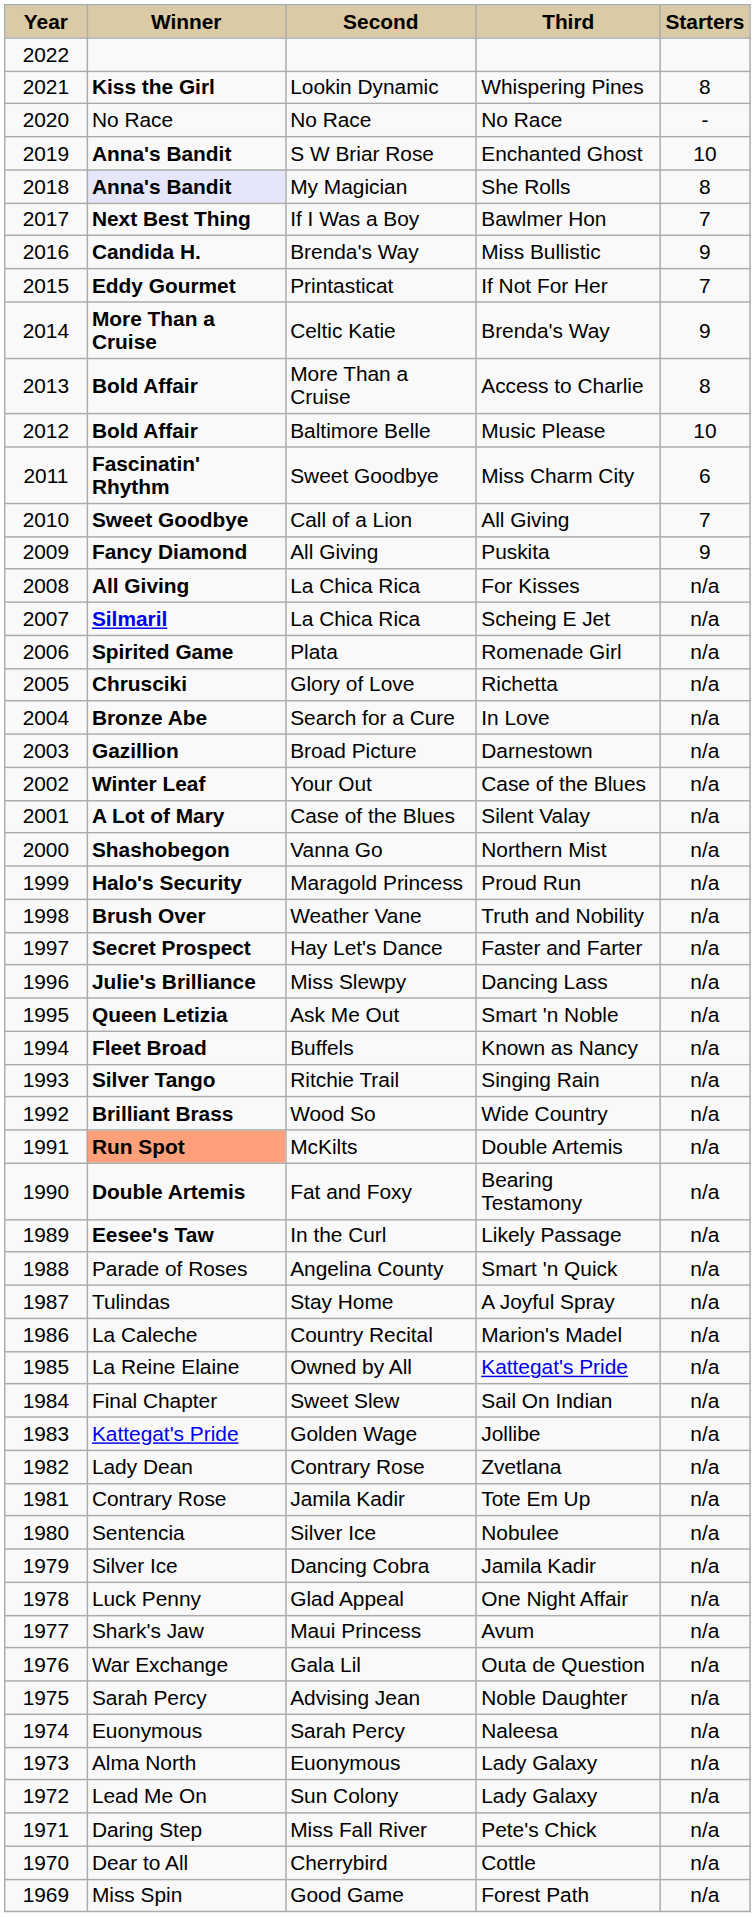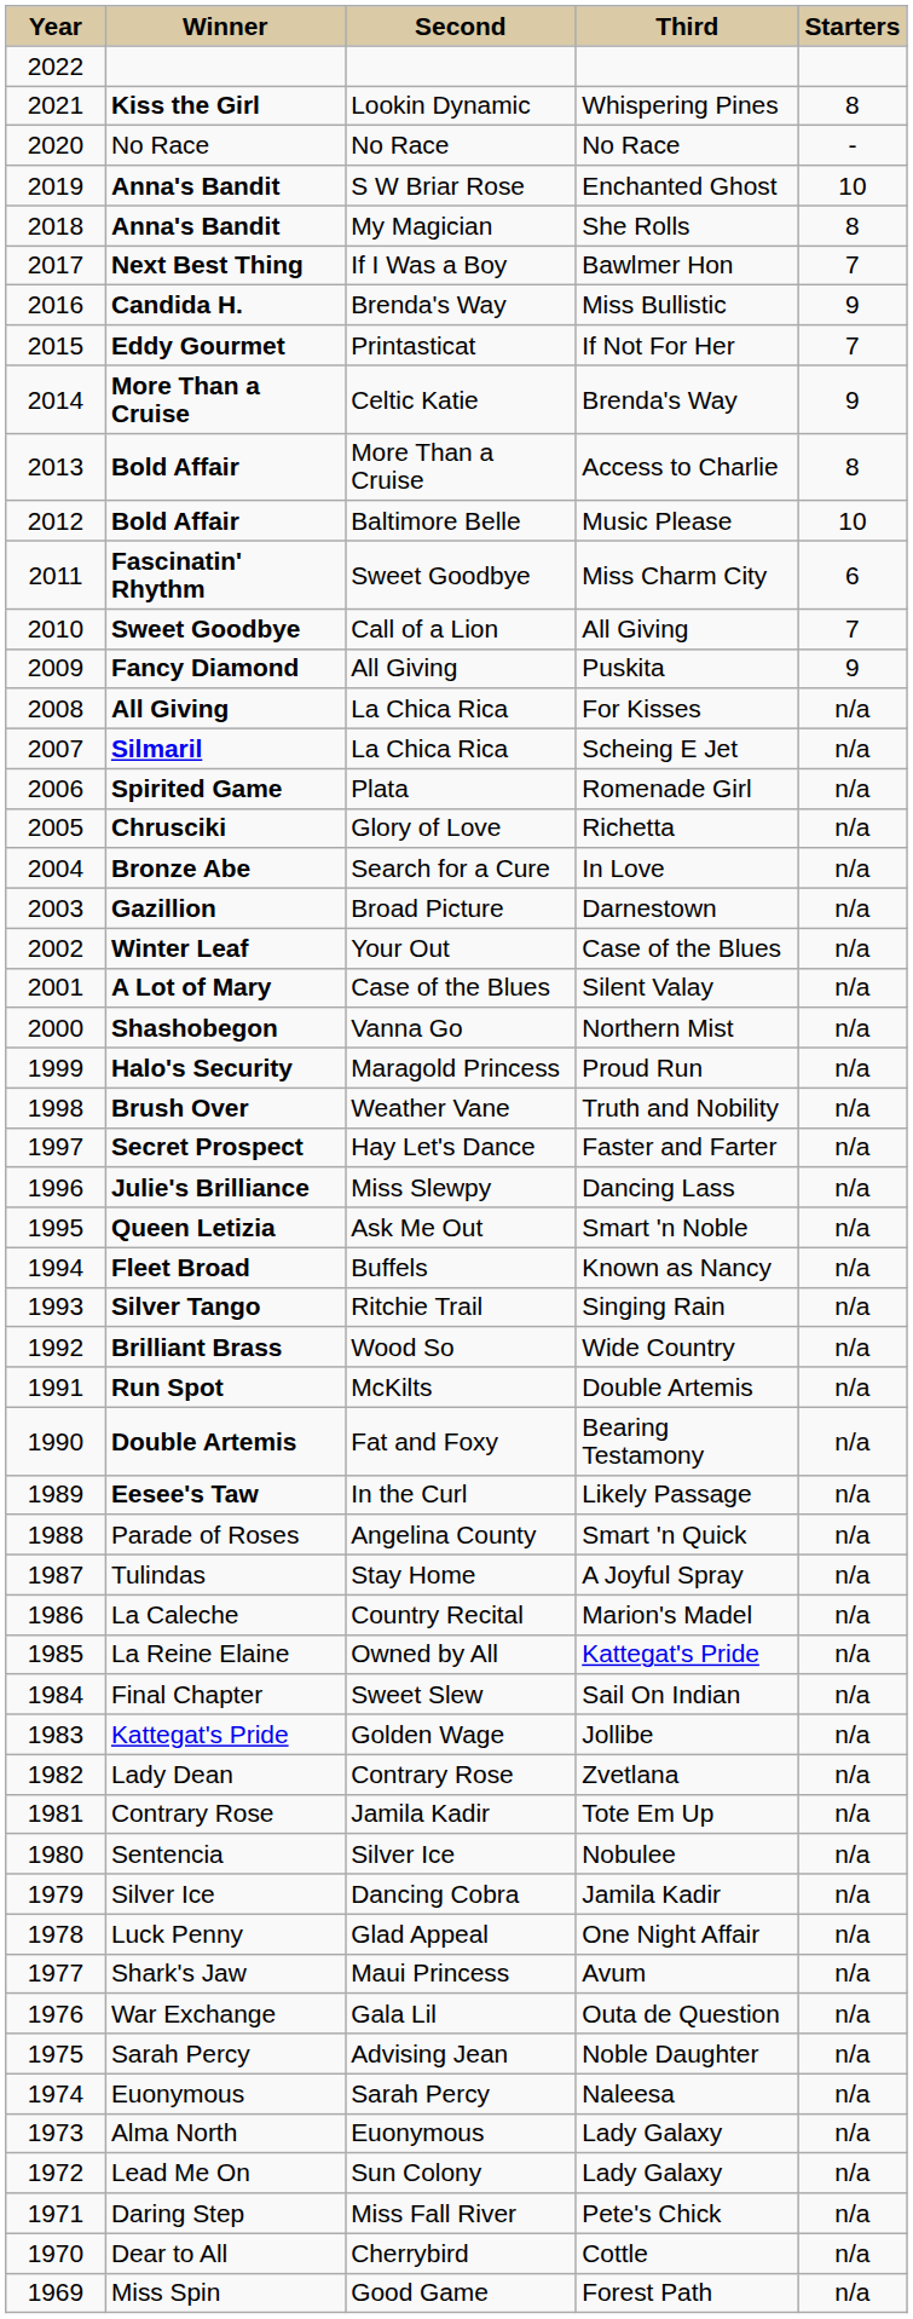 <table class = "wikitable sortable" | border="1" cellpadding="0" style="border-collapse: collapse; font-size:90%">
 <tr bgcolor="#DACAA5" align="center">
 <td width="50px"><strong>Year</strong> <br></td>
 <td width="130px"><strong>Winner</strong> <br></td>
 <td width="125px"><strong>Second</strong> <br></td>
 <td width="120px"><strong>Third</strong> <br></td>
 <td width="55px"><strong>Starters</strong></td>
 </tr>
 <tr>
 <td align=center>2022</td>
 <td></td>
 <td></td>
 <td></td>
 <td align=center></td>
 </tr>
 <tr>
 <td align=center>2021</td>
 <td><strong>Kiss the Girl</strong></td>
 <td>Lookin Dynamic</td>
 <td>Whispering Pines</td>
 <td align=center>8</td>
 </tr>
 <tr>
 <td align=center>2020</td>
 <td>No Race</td>
 <td>No Race</td>
 <td>No Race</td>
 <td align=center>-</td>
 </tr>
 <tr>
 <td align=center>2019</td>
 <td><strong>Anna's Bandit</strong></td>
 <td>S W Briar Rose</td>
 <td>Enchanted Ghost</td>
 <td align=center>10</td>
 </tr>
 <tr>
 <td align=center>2018</td>
-<td style="background: lavender;"><strong>Anna's Bandit</strong></td>
+<td><strong>Anna's Bandit</strong></td>
 <td>My Magician</td>
 <td>She Rolls</td>
 <td align=center>8</td>
 </tr>
 <tr>
 <td align=center>2017</td>
 <td><strong>Next Best Thing</strong></td>
 <td>If I Was a Boy</td>
 <td>Bawlmer Hon</td>
 <td align=center>7</td>
 </tr>
 <tr>
 <td align=center>2016</td>
 <td><strong>Candida H.</strong></td>
 <td>Brenda's Way</td>
 <td>Miss Bullistic</td>
 <td align=center>9</td>
 </tr>
 <tr>
 <td align=center>2015</td>
 <td><strong>Eddy Gourmet</strong></td>
 <td>Printasticat</td>
 <td>If Not For Her</td>
 <td align=center>7</td>
 </tr>
 <tr>
 <td align=center>2014</td>
 <td><strong>More Than a Cruise</strong></td>
 <td>Celtic Katie</td>
 <td>Brenda's Way</td>
 <td align=center>9</td>
 </tr>
 <tr>
 <td align=center>2013</td>
 <td><strong>Bold Affair</strong></td>
 <td>More Than a Cruise</td>
 <td>Access to Charlie</td>
 <td align=center>8</td>
 </tr>
 <tr>
 <td align=center>2012</td>
 <td><strong>Bold Affair</strong></td>
 <td>Baltimore Belle</td>
 <td>Music Please</td>
 <td align=center>10</td>
 </tr>
 <tr>
 <td align=center>2011</td>
 <td><strong>Fascinatin' Rhythm</strong></td>
 <td>Sweet Goodbye</td>
 <td>Miss Charm City</td>
 <td align=center>6</td>
 </tr>
 <tr>
 <td align=center>2010</td>
 <td><strong>Sweet Goodbye</strong></td>
 <td>Call of a Lion</td>
 <td>All Giving</td>
 <td align=center>7</td>
 </tr>
 <tr>
 <td align=center>2009</td>
 <td><strong>Fancy Diamond</strong></td>
 <td>All Giving</td>
 <td>Puskita</td>
 <td align=center>9</td>
 </tr>
 <tr>
 <td align=center>2008</td>
 <td><strong>All Giving</strong></td>
 <td>La Chica Rica</td>
 <td>For Kisses</td>
 <td align=center>n/a</td>
 </tr>
 <tr>
 <td align=center>2007</td>
 <td><strong><a href='#'>Silmaril</a></strong></td>
 <td>La Chica Rica</td>
 <td>Scheing E Jet</td>
 <td align=center>n/a</td>
 </tr>
 <tr>
 <td align=center>2006</td>
 <td><strong>Spirited Game</strong></td>
 <td>Plata</td>
 <td>Romenade Girl</td>
 <td align=center>n/a</td>
 </tr>
 <tr>
 <td align=center>2005</td>
 <td><strong>Chrusciki</strong></td>
 <td>Glory of Love</td>
 <td>Richetta</td>
 <td align=center>n/a</td>
 </tr>
 <tr>
 <td align=center>2004</td>
 <td><strong>Bronze Abe</strong></td>
 <td>Search for a Cure</td>
 <td>In Love</td>
 <td align=center>n/a</td>
 </tr>
 <tr>
 <td align=center>2003</td>
 <td><strong>Gazillion</strong></td>
 <td>Broad Picture</td>
 <td>Darnestown</td>
 <td align=center>n/a</td>
 </tr>
 <tr>
 <td align=center>2002</td>
 <td><strong>Winter Leaf</strong></td>
 <td>Your Out</td>
 <td>Case of the Blues</td>
 <td align=center>n/a</td>
 </tr>
 <tr>
 <td align=center>2001</td>
 <td><strong>A Lot of Mary</strong></td>
 <td>Case of the Blues</td>
 <td>Silent Valay</td>
 <td align=center>n/a</td>
 </tr>
 <tr>
 <td align=center>2000</td>
 <td><strong>Shashobegon</strong></td>
 <td>Vanna Go</td>
 <td>Northern Mist</td>
 <td align=center>n/a</td>
 </tr>
 <tr>
 <td align=center>1999</td>
 <td><strong>Halo's Security</strong></td>
 <td>Maragold Princess</td>
 <td>Proud Run</td>
 <td align=center>n/a</td>
 </tr>
 <tr>
 <td align=center>1998</td>
 <td><strong>Brush Over</strong></td>
 <td>Weather Vane</td>
 <td>Truth and Nobility</td>
 <td align=center>n/a</td>
 </tr>
 <tr>
 <td align=center>1997</td>
 <td><strong>Secret Prospect</strong></td>
 <td>Hay Let's Dance</td>
 <td>Faster and Farter</td>
 <td align=center>n/a</td>
 </tr>
 <tr>
 <td align=center>1996</td>
 <td><strong>Julie's Brilliance</strong></td>
 <td>Miss Slewpy</td>
 <td>Dancing Lass</td>
 <td align=center>n/a</td>
 </tr>
 <tr>
 <td align=center>1995</td>
 <td><strong>Queen Letizia</strong></td>
 <td>Ask Me Out</td>
 <td>Smart 'n Noble</td>
 <td align=center>n/a</td>
 </tr>
 <tr>
 <td align=center>1994</td>
 <td><strong>Fleet Broad</strong></td>
 <td>Buffels</td>
 <td>Known as Nancy</td>
 <td align=center>n/a</td>
 </tr>
 <tr>
 <td align=center>1993</td>
 <td><strong>Silver Tango</strong></td>
 <td>Ritchie Trail</td>
 <td>Singing Rain</td>
 <td align=center>n/a</td>
 </tr>
 <tr>
 <td align=center>1992</td>
 <td><strong>Brilliant Brass</strong></td>
 <td>Wood So</td>
 <td>Wide Country</td>
 <td align=center>n/a</td>
 </tr>
 <tr>
 <td align=center>1991</td>
-<td style="background: lightsalmon;"><strong>Run Spot</strong></td>
+<td><strong>Run Spot</strong></td>
 <td>McKilts</td>
 <td>Double Artemis</td>
 <td align=center>n/a</td>
 </tr>
 <tr>
 <td align=center>1990</td>
 <td><strong>Double Artemis</strong></td>
 <td>Fat and Foxy</td>
 <td>Bearing Testamony</td>
 <td align=center>n/a</td>
 </tr>
 <tr>
 <td align=center>1989</td>
 <td><strong>Eesee's Taw</strong></td>
 <td>In the Curl</td>
 <td>Likely Passage</td>
 <td align=center>n/a</td>
 </tr>
 <tr>
 <td align=center>1988</td>
 <td>Parade of Roses</td>
 <td>Angelina County</td>
 <td>Smart 'n Quick</td>
 <td align=center>n/a</td>
 </tr>
 <tr>
 <td align=center>1987</td>
 <td>Tulindas</td>
 <td>Stay Home</td>
 <td>A Joyful Spray</td>
 <td align=center>n/a</td>
 </tr>
 <tr>
 <td align=center>1986</td>
 <td>La Caleche</td>
 <td>Country Recital</td>
 <td>Marion's Madel</td>
 <td align=center>n/a</td>
 </tr>
 <tr>
 <td align=center>1985</td>
 <td>La Reine Elaine</td>
 <td>Owned by All</td>
 <td><a href='#'>Kattegat's Pride</a></td>
 <td align=center>n/a</td>
 </tr>
 <tr>
 <td align=center>1984</td>
 <td>Final Chapter</td>
 <td>Sweet Slew</td>
 <td>Sail On Indian</td>
 <td align=center>n/a</td>
 </tr>
 <tr>
 <td align=center>1983</td>
 <td><a href='#'>Kattegat's Pride</a></td>
 <td>Golden Wage</td>
 <td>Jollibe</td>
 <td align=center>n/a</td>
 </tr>
 <tr>
 <td align=center>1982</td>
 <td>Lady Dean</td>
 <td>Contrary Rose</td>
 <td>Zvetlana</td>
 <td align=center>n/a</td>
 </tr>
 <tr>
 <td align=center>1981</td>
 <td>Contrary Rose</td>
 <td>Jamila Kadir</td>
 <td>Tote Em Up</td>
 <td align=center>n/a</td>
 </tr>
 <tr>
 <td align=center>1980</td>
 <td>Sentencia</td>
 <td>Silver Ice</td>
 <td>Nobulee</td>
 <td align=center>n/a</td>
 </tr>
 <tr>
 <td align=center>1979</td>
 <td>Silver Ice</td>
 <td>Dancing Cobra</td>
 <td>Jamila Kadir</td>
 <td align=center>n/a</td>
 </tr>
 <tr>
 <td align=center>1978</td>
 <td>Luck Penny</td>
 <td>Glad Appeal</td>
 <td>One Night Affair</td>
 <td align=center>n/a</td>
 </tr>
 <tr>
 <td align=center>1977</td>
 <td>Shark's Jaw</td>
 <td>Maui Princess</td>
 <td>Avum</td>
 <td align=center>n/a</td>
 </tr>
 <tr>
 <td align=center>1976</td>
 <td>War Exchange</td>
 <td>Gala Lil</td>
 <td>Outa de Question</td>
 <td align=center>n/a</td>
 </tr>
 <tr>
 <td align=center>1975</td>
 <td>Sarah Percy</td>
 <td>Advising Jean</td>
 <td>Noble Daughter</td>
 <td align=center>n/a</td>
 </tr>
 <tr>
 <td align=center>1974</td>
 <td>Euonymous</td>
 <td>Sarah Percy</td>
 <td>Naleesa</td>
 <td align=center>n/a</td>
 </tr>
 <tr>
 <td align=center>1973</td>
 <td>Alma North</td>
 <td>Euonymous</td>
 <td>Lady Galaxy</td>
 <td align=center>n/a</td>
 </tr>
 <tr>
 <td align=center>1972</td>
 <td>Lead Me On</td>
 <td>Sun Colony</td>
 <td>Lady Galaxy</td>
 <td align=center>n/a</td>
 </tr>
 <tr>
 <td align=center>1971</td>
 <td>Daring Step</td>
 <td>Miss Fall River</td>
 <td>Pete's Chick</td>
 <td align=center>n/a</td>
 </tr>
 <tr>
 <td align=center>1970</td>
 <td>Dear to All</td>
 <td>Cherrybird</td>
 <td>Cottle</td>
 <td align=center>n/a</td>
 </tr>
 <tr>
 <td align=center>1969</td>
 <td>Miss Spin</td>
 <td>Good Game</td>
 <td>Forest Path</td>
 <td align=center>n/a</td>
 </tr>
 </table>
